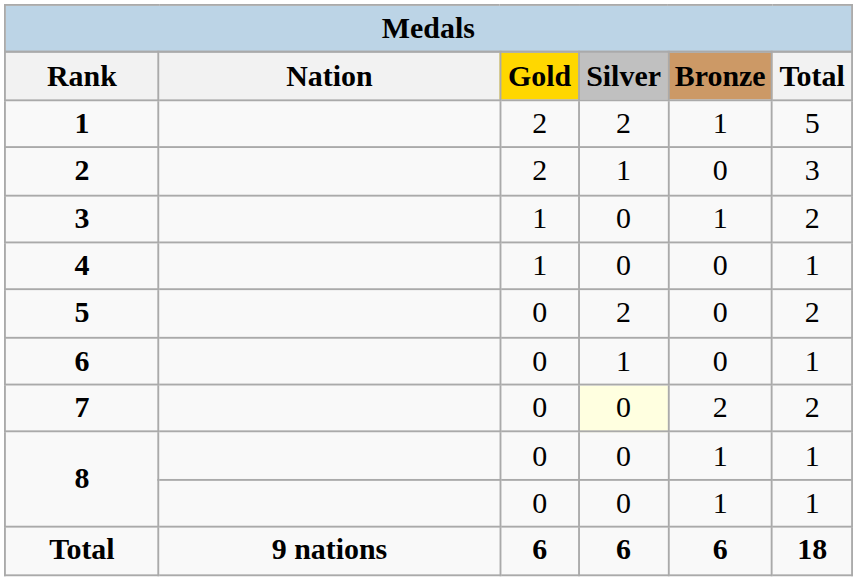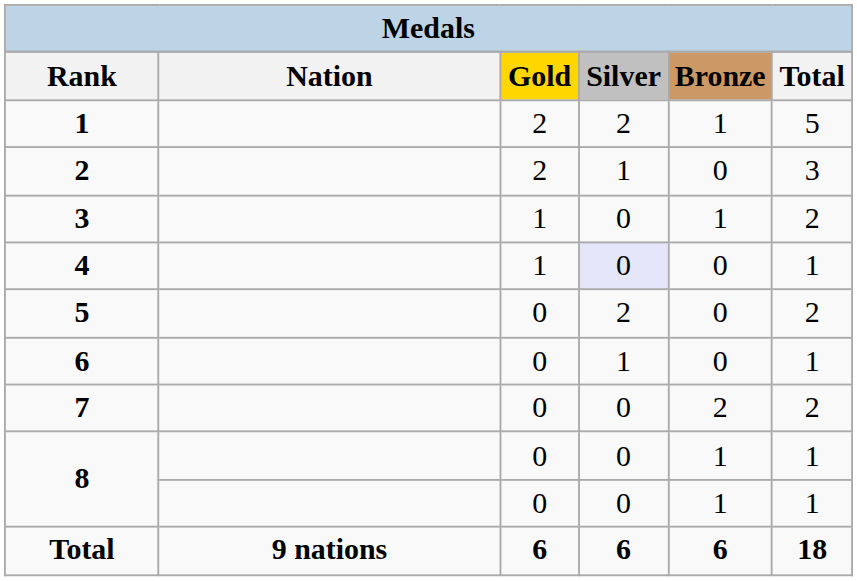 <table class="wikitable" style="text-align:center">
 <tr>
 <td colspan="6" style="background:#BCD4E6"><strong>Medals</strong></td>
 </tr>
 <tr>
 </tr>
 <tr style="background-color:#EDEDED;">
 <th width="75px" class="hintergrundfarbe5">Rank</th>
 <th width="175px" class="hintergrundfarbe6">Nation</th>
 <th style="background:    gold; width:35px ">Gold</th>
 <th style="background:  silver; width:35px ">Silver</th>
 <th style="background: #CC9966; width:35px ">Bronze</th>
 <th width="35px">Total</th>
 </tr>
 <tr>
 <td><strong>1</strong></td>
 <td align=left></td>
 <td>2</td>
 <td>2</td>
 <td>1</td>
 <td>5</td>
 </tr>
 <tr>
 <td><strong>2</strong></td>
 <td align=left></td>
 <td>2</td>
 <td>1</td>
 <td>0</td>
 <td>3</td>
 </tr>
 <tr>
 <td><strong>3</strong></td>
 <td align=left></td>
 <td>1</td>
 <td>0</td>
 <td>1</td>
 <td>2</td>
 </tr>
 <tr>
 <td><strong>4</strong></td>
 <td align=left></td>
 <td>1</td>
-<td>0</td>
+<td style="background: lavender;">0</td>
 <td>0</td>
 <td>1</td>
 </tr>
 <tr>
 <td><strong>5</strong></td>
 <td align=left></td>
 <td>0</td>
 <td>2</td>
 <td>0</td>
 <td>2</td>
 </tr>
 <tr>
 <td><strong>6</strong></td>
 <td align=left></td>
 <td>0</td>
 <td>1</td>
 <td>0</td>
 <td>1</td>
 </tr>
 <tr>
 <td><strong>7</strong></td>
 <td align=left></td>
 <td>0</td>
-<td style="background: lightyellow;">0</td>
+<td>0</td>
 <td>2</td>
 <td>2</td>
 </tr>
 <tr>
 <td rowspan="2"><strong>8</strong></td>
 <td align=left><em></em></td>
 <td>0</td>
 <td>0</td>
 <td>1</td>
 <td>1</td>
 </tr>
 <tr>
 <td align=left></td>
 <td>0</td>
 <td>0</td>
 <td>1</td>
 <td>1</td>
 </tr>
 <tr>
 <td><strong>Total</strong></td>
 <td><strong>9 nations</strong></td>
 <td><strong>6</strong></td>
 <td><strong>6</strong></td>
 <td><strong>6</strong></td>
 <td><strong>18</strong></td>
 </tr>
 </table>
